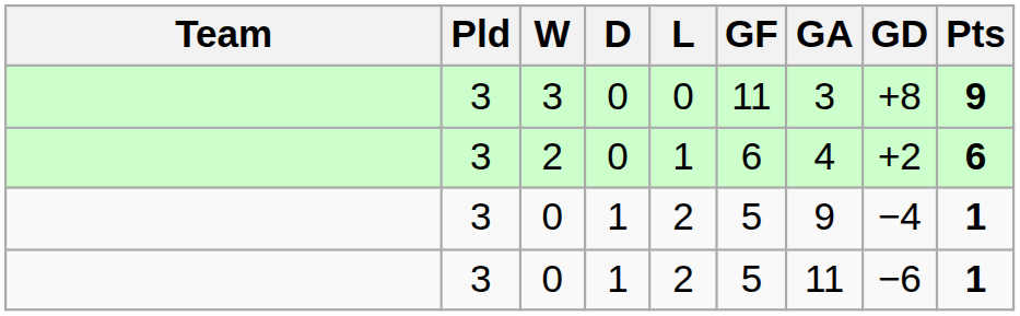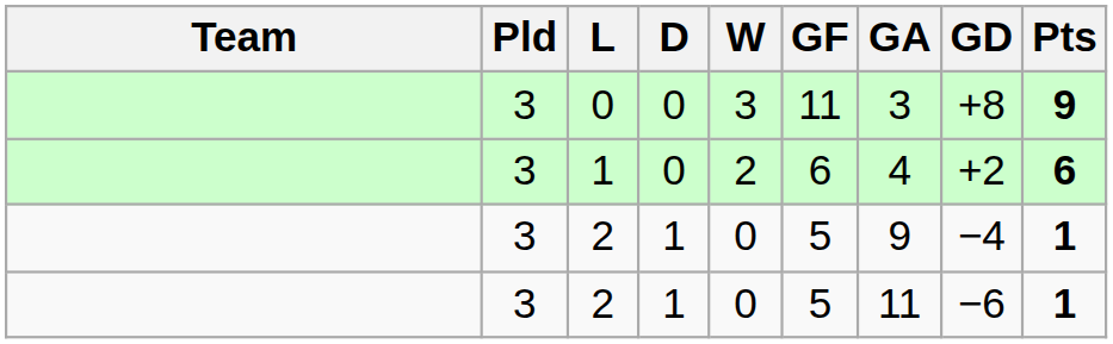 <table class="wikitable" style="text-align:center;">
 <tr>
 <th width=175>Team</th>
 <th width=20>Pld</th>
+<th width=20>L</th>
+<th width=20>D</th>
 <th width=20>W</th>
-<th width=20>D</th>
-<th width=20>L</th>
 <th width=20>GF</th>
 <th width=20>GA</th>
 <th width=20>GD</th>
 <th width=20>Pts</th>
 </tr>
 <tr bgcolor=ccffcc>
 <td align="left"></td>
 <td>3</td>
-<td>3</td>
 <td>0</td>
 <td>0</td>
+<td>3</td>
 <td>11</td>
 <td>3</td>
 <td>+8</td>
 <td><strong>9</strong></td>
 </tr>
 <tr bgcolor=ccffcc>
 <td align="left"></td>
 <td>3</td>
+<td>1</td>
+<td>0</td>
 <td>2</td>
-<td>0</td>
-<td>1</td>
 <td>6</td>
 <td>4</td>
 <td>+2</td>
 <td><strong>6</strong></td>
 </tr>
 <tr>
 <td align="left"></td>
 <td>3</td>
+<td>2</td>
+<td>1</td>
 <td>0</td>
-<td>1</td>
-<td>2</td>
 <td>5</td>
 <td>9</td>
 <td>−4</td>
 <td><strong>1</strong></td>
 </tr>
 <tr>
 <td align="left"></td>
 <td>3</td>
+<td>2</td>
+<td>1</td>
 <td>0</td>
-<td>1</td>
-<td>2</td>
 <td>5</td>
 <td>11</td>
 <td>−6</td>
 <td><strong>1</strong></td>
 </tr>
 </table>
